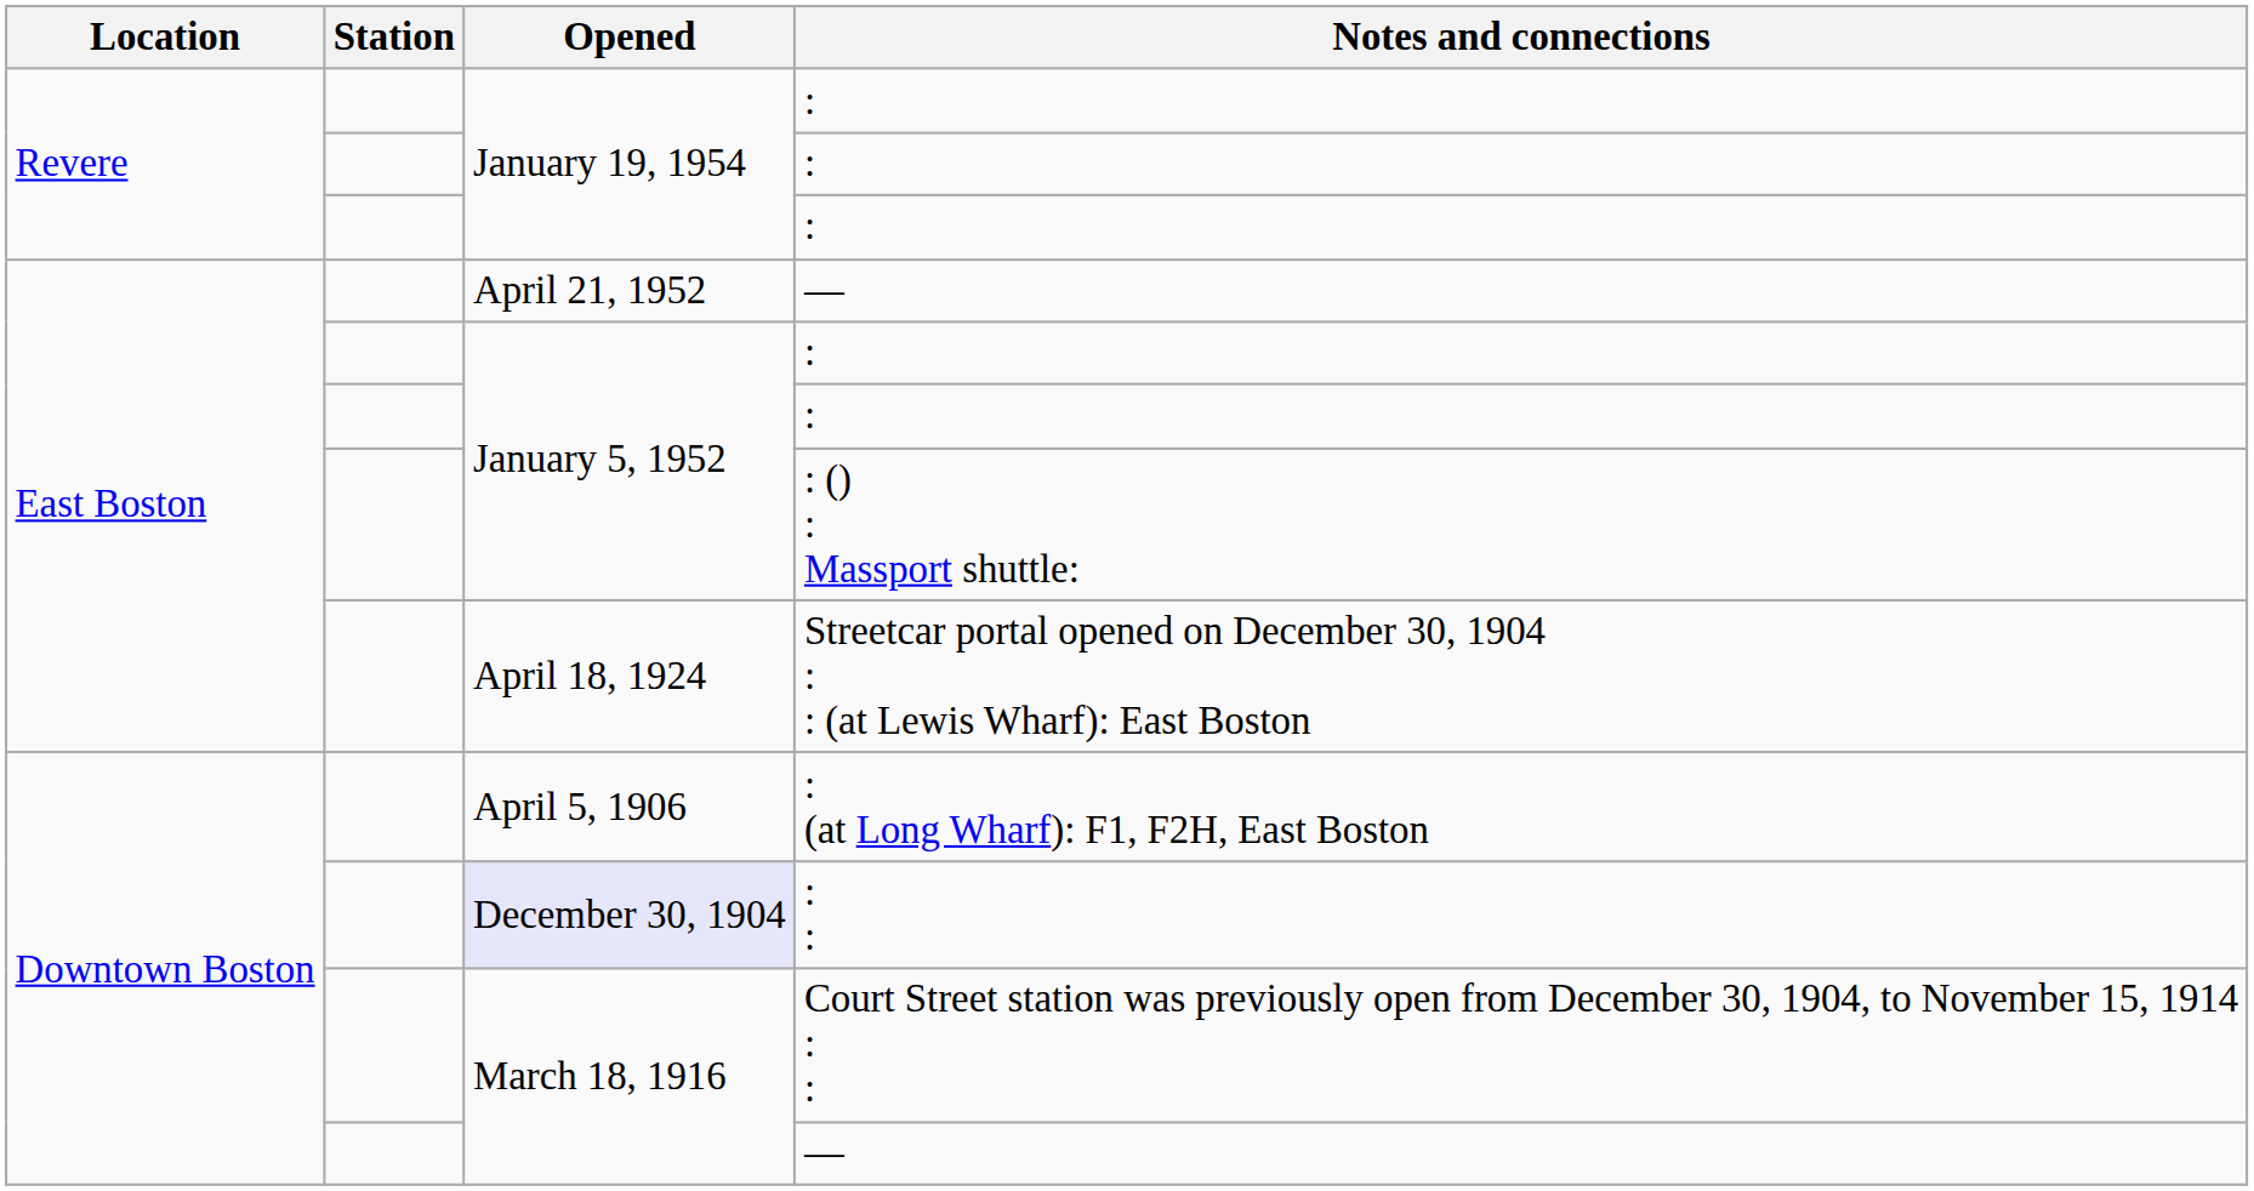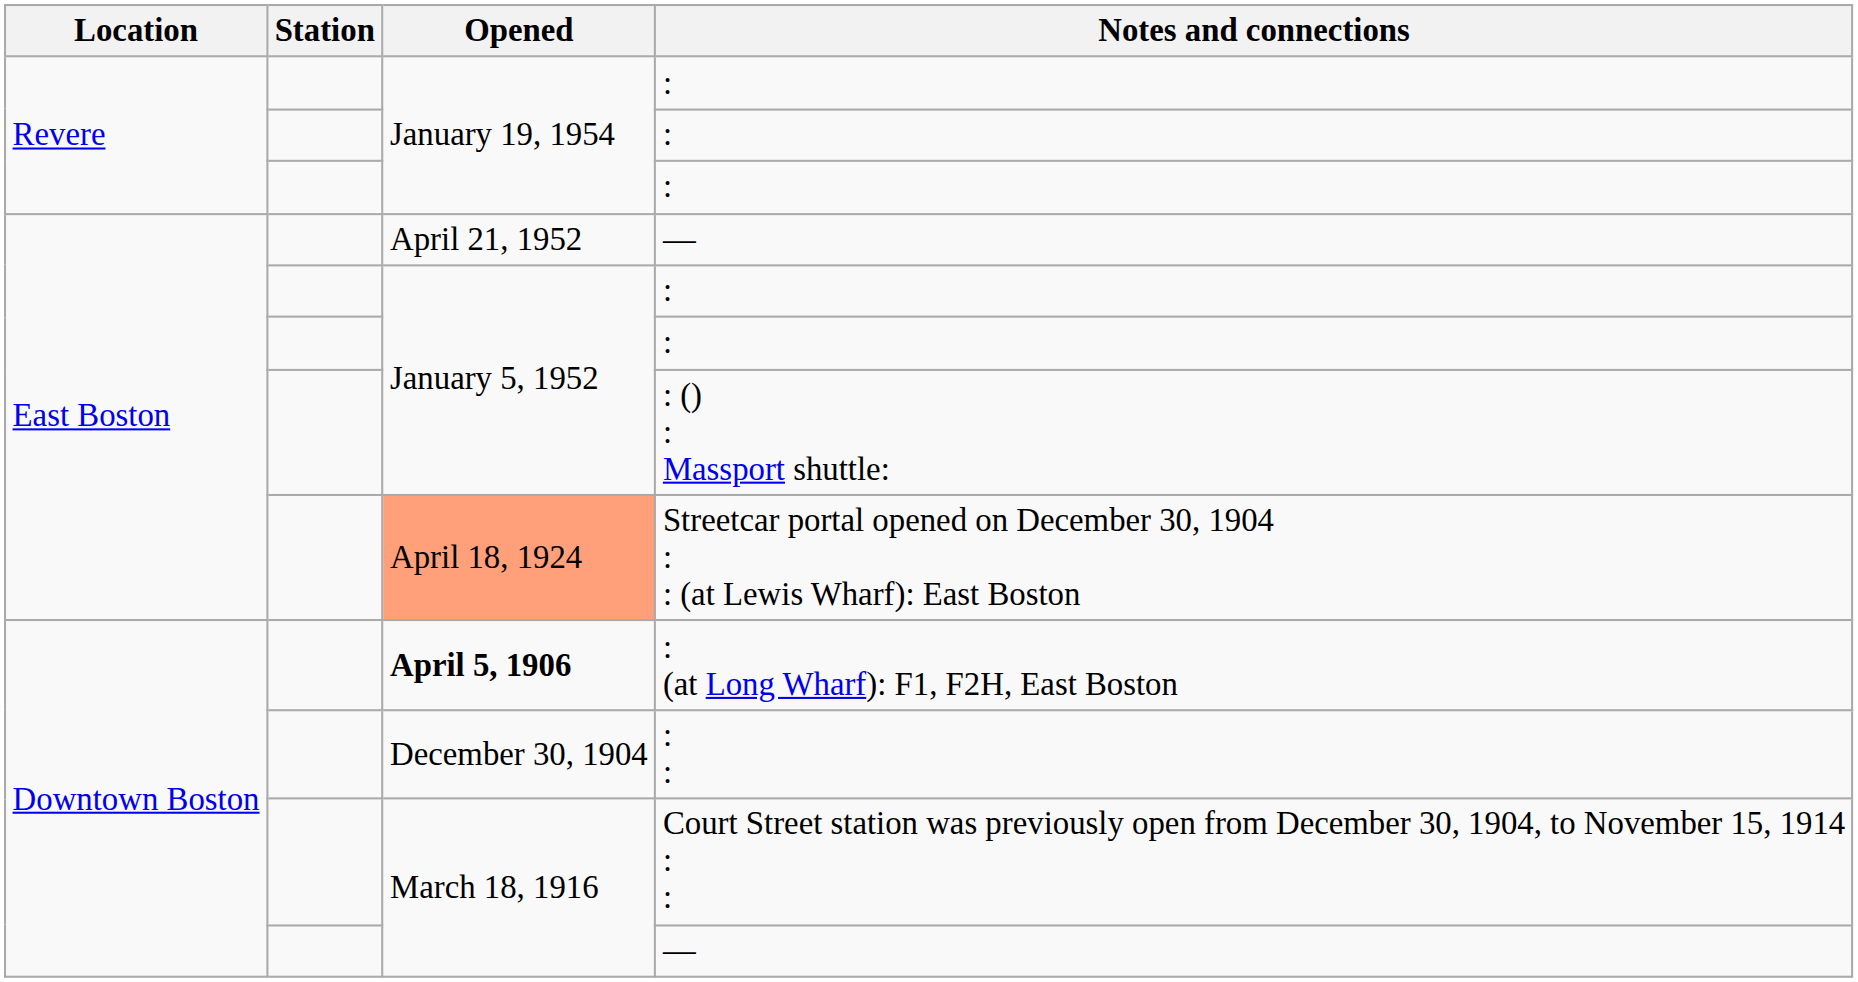 <table class="wikitable">
 <tr>
 <th>Location</th>
 <th>Station</th>
 <th>Opened</th>
 <th>Notes and connections</th>
 </tr>
 <tr>
 <td rowspan=3><a href='#'>Revere</a></td>
 <td> </td>
 <td rowspan=3>January 19, 1954</td>
 <td>: </td>
 </tr>
 <tr>
 <td> </td>
 <td>: </td>
 </tr>
 <tr>
 <td> </td>
 <td>: </td>
 </tr>
 <tr>
 <td rowspan=5><a href='#'>East Boston</a></td>
 <td> </td>
 <td>April 21, 1952</td>
 <td>—</td>
 </tr>
 <tr>
 <td> </td>
 <td rowspan=3>January 5, 1952</td>
 <td>: </td>
 </tr>
 <tr>
 <td> </td>
 <td>: </td>
 </tr>
 <tr>
 <td> </td>
 <td>:  ()<br>: <br> <a href='#'>Massport</a> shuttle: </td>
 </tr>
 <tr>
 <td> </td>
-<td>April 18, 1924</td>
+<td style="background: lightsalmon;">April 18, 1924</td>
 <td>Streetcar portal opened on December 30, 1904<br>: <br>: (at Lewis Wharf): East Boston</td>
 </tr>
 <tr>
 <td rowspan=4><a href='#'>Downtown Boston</a></td>
 <td> </td>
-<td>April 5, 1906</td>
+<td><strong>April 5, 1906</strong></td>
 <td>: <br> (at <a href='#'>Long Wharf</a>): F1, F2H, East Boston</td>
 </tr>
 <tr>
 <td> </td>
-<td style="background: lavender;">December 30, 1904</td>
+<td>December 30, 1904</td>
 <td>: <br>: </td>
 </tr>
 <tr>
 <td> </td>
 <td rowspan=2>March 18, 1916</td>
 <td>Court Street station was previously open from December 30, 1904, to November 15, 1914<br>: <br>: </td>
 </tr>
 <tr>
 <td></td>
 <td>—</td>
 </tr>
 </table>
